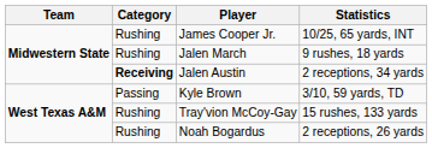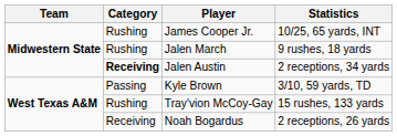 <table class="wikitable" style="float: right;">
 <tr>
 <th>Team</th>
 <th>Category</th>
 <th>Player</th>
 <th>Statistics</th>
 </tr>
 <tr>
 <td rowspan=3><strong>Midwestern State</strong></td>
 <td>Rushing</td>
 <td>James Cooper Jr.</td>
 <td>10/25, 65 yards, INT</td>
 </tr>
 <tr>
 <td>Rushing</td>
 <td>Jalen March</td>
 <td>9 rushes, 18 yards</td>
 </tr>
 <tr>
 <td><strong>Receiving</strong></td>
 <td>Jalen Austin</td>
 <td>2 receptions, 34 yards</td>
 </tr>
 <tr>
 <td rowspan=3><strong>West Texas A&M</strong></td>
 <td>Passing</td>
 <td>Kyle Brown</td>
 <td>3/10, 59 yards, TD</td>
 </tr>
 <tr>
 <td>Rushing</td>
 <td>Tray'vion McCoy-Gay</td>
 <td>15 rushes, 133 yards</td>
 </tr>
 <tr>
-<td>Rushing</td>
+<td>Receiving</td>
 <td>Noah Bogardus</td>
 <td>2 receptions, 26 yards</td>
 </tr>
 </table>
